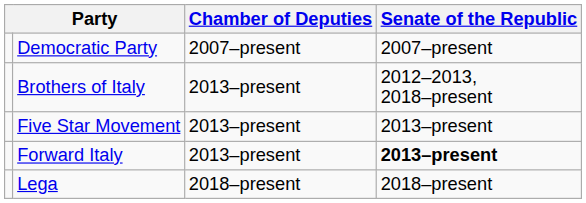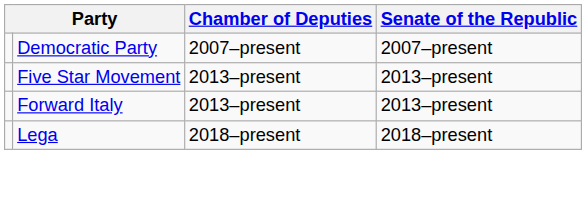 <table class="wikitable">
 <tr>
 <th colspan="2">Party</th>
 <th><a href='#'>Chamber of Deputies</a></th>
 <th><a href='#'>Senate of the Republic</a></th>
 </tr>
 <tr>
 <td></td>
 <td><a href='#'>Democratic Party</a><br></td>
 <td>2007–present</td>
 <td>2007–present</td>
 </tr>
 <tr>
 <td></td>
-<td><a href='#'>Brothers of Italy</a><br></td>
-<td>2013–present</td>
-<td>2012–2013,<br>2018–present</td>
-</tr>
-<tr>
-<td></td>
 <td><a href='#'>Five Star Movement</a><br></td>
 <td>2013–present</td>
 <td>2013–present</td>
 </tr>
 <tr>
 <td></td>
 <td><a href='#'>Forward Italy</a><br></td>
 <td>2013–present</td>
-<td><strong>2013–present</strong></td>
+<td>2013–present</td>
 </tr>
 <tr>
 <td></td>
 <td><a href='#'>Lega</a><br></td>
 <td>2018–present</td>
 <td>2018–present</td>
 </tr>
 </table>
